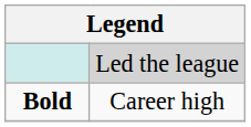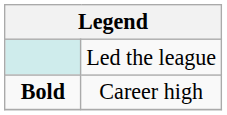 <table class="wikitable" style="text-align:center;">
 <tr>
 <th colspan="2">Legend</th>
 </tr>
 <tr>
 <td style="background:#cfecec; width:3em;"></td>
-<td style="background: lightgrey;">Led the league</td>
+<td>Led the league</td>
 </tr>
 <tr>
 <td><strong> Bold </strong></td>
 <td>Career high</td>
 </tr>
 <tr>
 </tr>
 </table>
